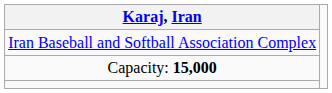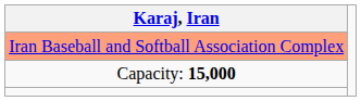 <table class="wikitable" style="text-align:center">
 <tr>
 <th><a href='#'>Karaj</a>, <a href='#'>Iran</a></th>
 <td rowspan=4></td>
 </tr>
 <tr>
-<td><a href='#'>Iran Baseball and Softball Association Complex</a></td>
+<td style="background: lightsalmon;"><a href='#'>Iran Baseball and Softball Association Complex</a></td>
 </tr>
 <tr>
 <td>Capacity: <strong>15,000</strong></td>
 </tr>
 <tr>
 <td></td>
 </tr>
 </table>
